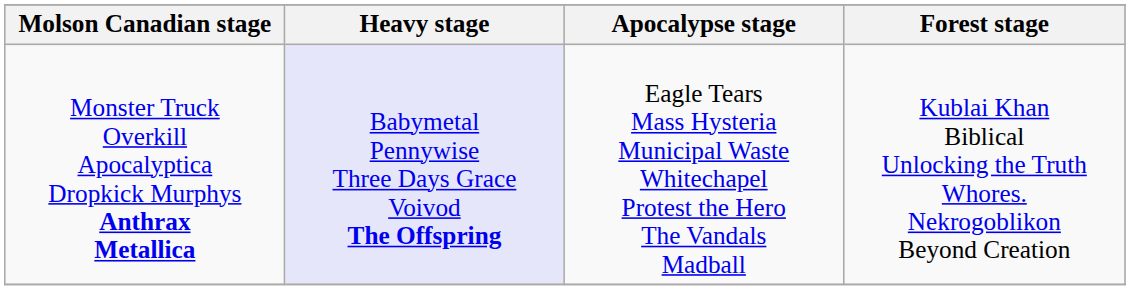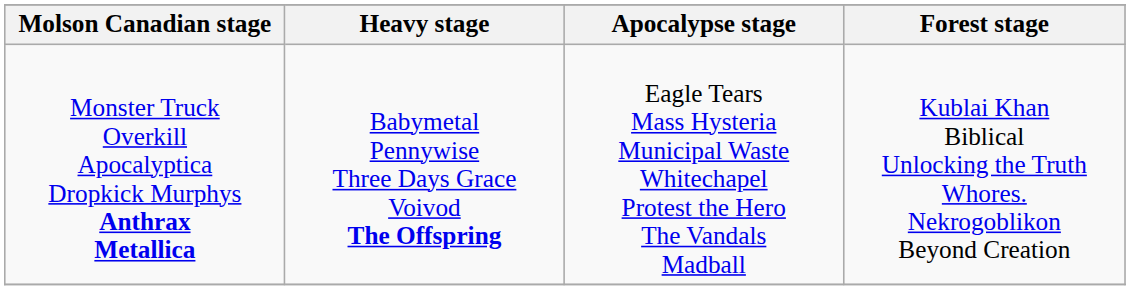 <table class="wikitable" style="text-align:center; vertical-align:top; width:710px">
 <tr>
 </tr>
 <tr>
 <th>Molson Canadian stage</th>
 <th>Heavy stage</th>
 <th>Apocalypse stage</th>
 <th>Forest stage</th>
 </tr>
 <tr>
 <td style="width:175px;"><br><a href='#'>Monster Truck</a><br> <a href='#'>Overkill</a><br> <a href='#'>Apocalyptica</a><br> <a href='#'>Dropkick Murphys</a><br> <strong><a href='#'>Anthrax</a></strong><br> <strong><a href='#'>Metallica</a></strong></td>
-<td style="background: lavender; width:175px;"><br><a href='#'>Babymetal</a><br> <a href='#'>Pennywise</a><br> <a href='#'>Three Days Grace</a><br> <a href='#'>Voivod</a><br> <strong><a href='#'>The Offspring</a></strong></td>
+<td style="width:175px;"><br><a href='#'>Babymetal</a><br> <a href='#'>Pennywise</a><br> <a href='#'>Three Days Grace</a><br> <a href='#'>Voivod</a><br> <strong><a href='#'>The Offspring</a></strong></td>
 <td style="width:175px;"><br>Eagle Tears<br> <a href='#'>Mass Hysteria</a><br> <a href='#'>Municipal Waste</a><br> <a href='#'>Whitechapel</a><br> <a href='#'>Protest the Hero</a><br> <a href='#'>The Vandals</a><br> <a href='#'>Madball</a></td>
 <td style="width:175px;"><br><a href='#'>Kublai Khan</a><br> Biblical<br> <a href='#'>Unlocking the Truth</a><br> <a href='#'>Whores.</a><br> <a href='#'>Nekrogoblikon</a><br> Beyond Creation</td>
 </tr>
 <tr>
 </tr>
 </table>
